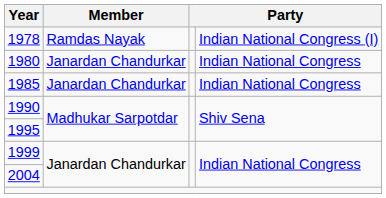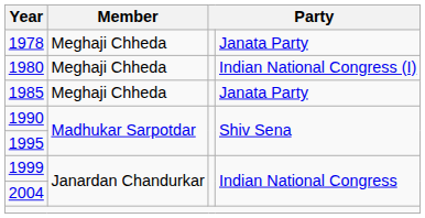 <table class="wikitable">
 <tr>
 <th>Year</th>
 <th>Member</th>
 <th colspan="2">Party</th>
 </tr>
 <tr>
 <td><a href='#'>1978</a></td>
-<td><a href='#'>Ramdas Nayak</a></td>
+<td>Meghaji Chheda</td>
+<td style="background-color: "></td>
+<td><a href='#'>Janata Party</a></td>
+</tr>
+<tr>
+<td><a href='#'>1980</a></td>
+<td>Meghaji Chheda</td>
 <td style="background-color: "></td>
 <td><a href='#'>Indian National Congress (I)</a></td>
 </tr>
 <tr>
-<td><a href='#'>1980</a></td>
-<td><a href='#'>Janardan Chandurkar</a></td>
+<td><a href='#'>1985</a></td>
+<td>Meghaji Chheda</td>
 <td style="background-color: "></td>
-<td><a href='#'>Indian National Congress</a></td>
-</tr>
-<tr>
-<td><a href='#'>1985</a></td>
-<td><a href='#'>Janardan Chandurkar</a></td>
-<td style="background-color: "></td>
-<td><a href='#'>Indian National Congress</a></td>
+<td><a href='#'>Janata Party</a></td>
 </tr>
 <tr>
 <td><a href='#'>1990</a></td>
 <td rowspan="2"><a href='#'>Madhukar Sarpotdar</a></td>
 <td rowspan="2" style="background-color: "></td>
 <td rowspan="2"><a href='#'>Shiv Sena</a></td>
 </tr>
 <tr>
 <td><a href='#'>1995</a></td>
 </tr>
 <tr>
 <td><a href='#'>1999</a></td>
 <td rowspan="2">Janardan Chandurkar</td>
 <td rowspan="2" style="background-color: "></td>
 <td rowspan="2"><a href='#'>Indian National Congress</a></td>
 </tr>
 <tr>
 <td><a href='#'>2004</a></td>
 </tr>
 <tr>
 <td colspan="4"></td>
 </tr>
 </table>
